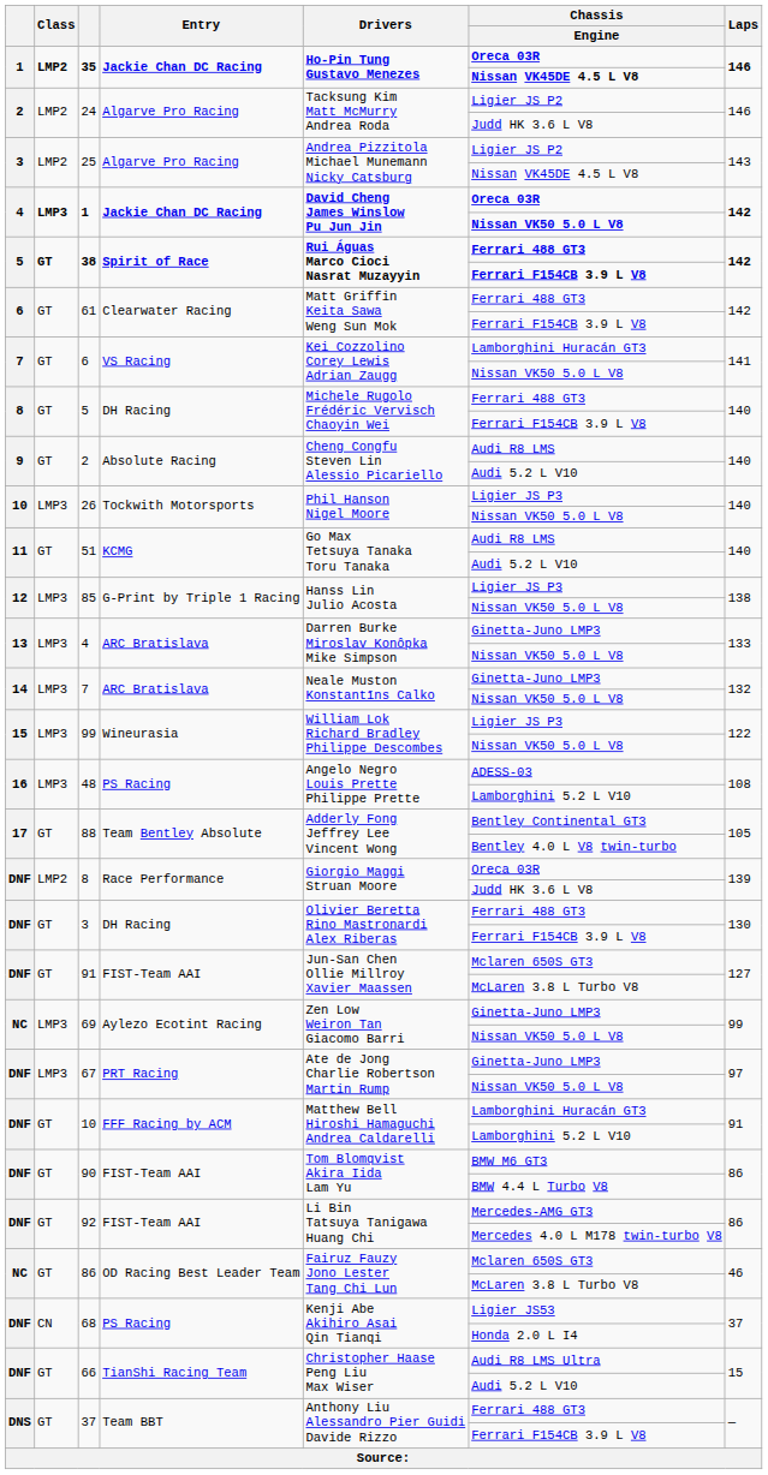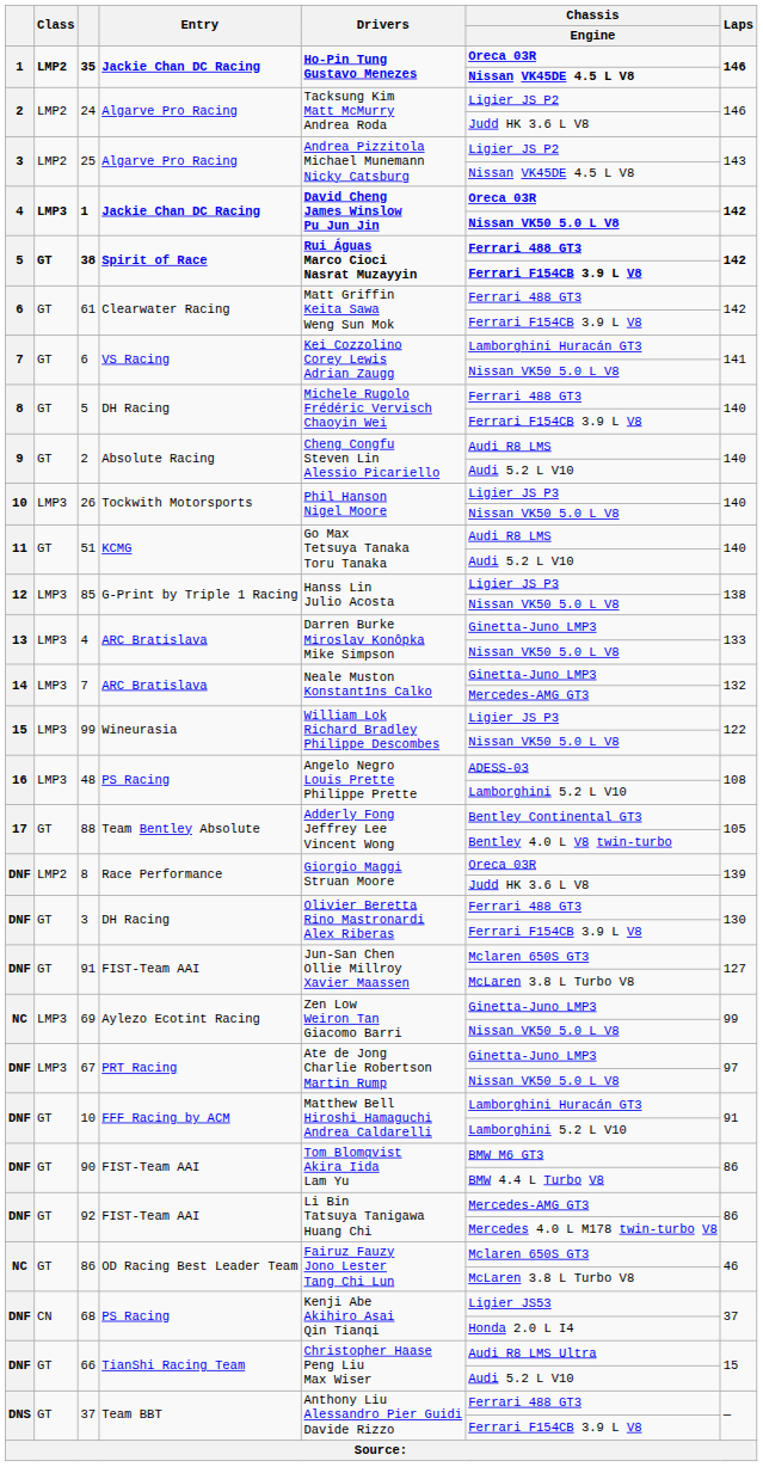 <table class="wikitable">
 <tr>
 <th rowspan="2"></th>
 <th rowspan="2">Class</th>
 <th rowspan="2"></th>
 <th rowspan="2">Entry</th>
 <th rowspan="2">Drivers</th>
 <th>Chassis</th>
 <th rowspan="2">Laps</th>
 </tr>
 <tr>
 <th>Engine</th>
 </tr>
 <tr>
 <th rowspan="2"><strong>1</strong></th>
 <td rowspan="2"><strong>LMP2</strong></td>
 <td rowspan="2"><strong>35</strong></td>
 <td rowspan="2"><strong> <a href='#'>Jackie Chan DC Racing</a></strong></td>
 <td rowspan="2"><strong> <a href='#'>Ho-Pin Tung</a></strong><br><strong> <a href='#'>Gustavo Menezes</a></strong></td>
 <td><strong><a href='#'>Oreca 03R</a></strong></td>
 <td rowspan="2"><strong>146</strong></td>
 </tr>
 <tr>
 <td><strong><a href='#'>Nissan</a> <a href='#'>VK45DE</a> 4.5 L V8</strong></td>
 </tr>
 <tr>
 <th rowspan="2">2</th>
 <td rowspan="2">LMP2</td>
 <td rowspan="2">24</td>
 <td rowspan="2"> <a href='#'>Algarve Pro Racing</a></td>
 <td rowspan="2"> Tacksung Kim<br> <a href='#'>Matt McMurry</a><br> Andrea Roda</td>
 <td><a href='#'>Ligier JS P2</a></td>
 <td rowspan="2">146</td>
 </tr>
 <tr>
 <td><a href='#'>Judd</a> HK 3.6 L V8</td>
 </tr>
 <tr>
 <th rowspan="2">3</th>
 <td rowspan="2">LMP2</td>
 <td rowspan="2">25</td>
 <td rowspan="2"> <a href='#'>Algarve Pro Racing</a></td>
 <td rowspan="2"> <a href='#'>Andrea Pizzitola</a><br> Michael Munemann<br> <a href='#'>Nicky Catsburg</a></td>
 <td><a href='#'>Ligier JS P2</a></td>
 <td rowspan="2">143</td>
 </tr>
 <tr>
 <td><a href='#'>Nissan</a> <a href='#'>VK45DE</a> 4.5 L V8</td>
 </tr>
 <tr>
 <th rowspan="2">4</th>
 <td rowspan="2"><strong>LMP3</strong></td>
 <td rowspan="2"><strong>1</strong></td>
 <td rowspan="2"><strong> <a href='#'>Jackie Chan DC Racing</a></strong></td>
 <td rowspan="2"><strong> <a href='#'>David Cheng</a></strong><br><strong> <a href='#'>James Winslow</a></strong><br><strong> <a href='#'>Pu Jun Jin</a></strong></td>
 <td><strong><a href='#'>Oreca 03R</a></strong></td>
 <td rowspan="2"><strong>142</strong></td>
 </tr>
 <tr>
 <td><a href='#'><strong>Nissan VK50 5.0 L V8</strong></a></td>
 </tr>
 <tr>
 <th rowspan="2">5</th>
 <td rowspan="2"><strong>GT</strong></td>
 <td rowspan="2"><strong>38</strong></td>
 <td rowspan="2"><strong> <a href='#'>Spirit of Race</a></strong></td>
 <td rowspan="2"><strong> <a href='#'>Rui Águas</a></strong><br><strong> Marco Cioci</strong><br><strong> Nasrat Muzayyin</strong></td>
 <td><a href='#'><strong>Ferrari 488 GT3</strong></a></td>
 <td rowspan="2"><strong>142</strong></td>
 </tr>
 <tr>
 <td><strong><a href='#'>Ferrari F154CB</a> 3.9 L <a href='#'>V8</a></strong></td>
 </tr>
 <tr>
 <th rowspan="2">6</th>
 <td rowspan="2">GT</td>
 <td rowspan="2">61</td>
 <td rowspan="2"> Clearwater Racing</td>
 <td rowspan="2"> Matt Griffin<br> <a href='#'>Keita Sawa</a><br> Weng Sun Mok</td>
 <td><a href='#'>Ferrari 488 GT3</a></td>
 <td rowspan="2">142</td>
 </tr>
 <tr>
 <td><a href='#'>Ferrari F154CB</a> 3.9 L <a href='#'>V8</a></td>
 </tr>
 <tr>
 <th rowspan="2">7</th>
 <td rowspan="2">GT</td>
 <td rowspan="2">6</td>
 <td rowspan="2"> <a href='#'>VS Racing</a></td>
 <td rowspan="2"> <a href='#'>Kei Cozzolino</a><br> <a href='#'>Corey Lewis</a><br> <a href='#'>Adrian Zaugg</a></td>
 <td><a href='#'>Lamborghini Huracán GT3</a></td>
 <td rowspan="2">141</td>
 </tr>
 <tr>
 <td><a href='#'>Nissan VK50 5.0 L V8</a></td>
 </tr>
 <tr>
 <th rowspan="2">8</th>
 <td rowspan="2">GT</td>
 <td rowspan="2">5</td>
 <td rowspan="2"> DH Racing</td>
 <td rowspan="2"> <a href='#'>Michele Rugolo</a><br> <a href='#'>Frédéric Vervisch</a><br> <a href='#'>Chaoyin Wei</a></td>
 <td><a href='#'>Ferrari 488 GT3</a></td>
 <td rowspan="2">140</td>
 </tr>
 <tr>
 <td><a href='#'>Ferrari F154CB</a> 3.9 L <a href='#'>V8</a></td>
 </tr>
 <tr>
 <th rowspan="2">9</th>
 <td rowspan="2">GT</td>
 <td rowspan="2">2</td>
 <td rowspan="2"> Absolute Racing</td>
 <td rowspan="2"> <a href='#'>Cheng Congfu</a><br> Steven Lin<br> <a href='#'>Alessio Picariello</a></td>
 <td><a href='#'>Audi R8 LMS</a></td>
 <td rowspan="2">140</td>
 </tr>
 <tr>
 <td><a href='#'>Audi</a> 5.2 L V10</td>
 </tr>
 <tr>
 <th rowspan="2">10</th>
 <td rowspan="2">LMP3</td>
 <td rowspan="2">26</td>
 <td rowspan="2"> Tockwith Motorsports</td>
 <td rowspan="2"> <a href='#'>Phil Hanson</a><br> <a href='#'>Nigel Moore</a></td>
 <td><a href='#'>Ligier JS P3</a></td>
 <td rowspan="2">140</td>
 </tr>
 <tr>
 <td><a href='#'>Nissan VK50 5.0 L V8</a></td>
 </tr>
 <tr>
 <th rowspan="2">11</th>
 <td rowspan="2">GT</td>
 <td rowspan="2">51</td>
 <td rowspan="2"> <a href='#'>KCMG</a></td>
 <td rowspan="2"> Go Max<br> Tetsuya Tanaka<br> Toru Tanaka</td>
 <td><a href='#'>Audi R8 LMS</a></td>
 <td rowspan="2">140</td>
 </tr>
 <tr>
 <td><a href='#'>Audi</a> 5.2 L V10</td>
 </tr>
 <tr>
 <th rowspan="2">12</th>
 <td rowspan="2">LMP3</td>
 <td rowspan="2">85</td>
 <td rowspan="2"> G-Print by Triple 1 Racing</td>
 <td rowspan="2"> Hanss Lin<br> Julio Acosta</td>
 <td><a href='#'>Ligier JS P3</a></td>
 <td rowspan="2">138</td>
 </tr>
 <tr>
 <td><a href='#'>Nissan VK50 5.0 L V8</a></td>
 </tr>
 <tr>
 <th rowspan="2">13</th>
 <td rowspan="2">LMP3</td>
 <td rowspan="2">4</td>
 <td rowspan="2"> <a href='#'>ARC Bratislava</a></td>
 <td rowspan="2"> Darren Burke<br> <a href='#'>Miroslav Konôpka</a><br> Mike Simpson</td>
 <td><a href='#'>Ginetta-Juno LMP3</a></td>
 <td rowspan="2">133</td>
 </tr>
 <tr>
 <td><a href='#'>Nissan VK50 5.0 L V8</a></td>
 </tr>
 <tr>
 <th rowspan="2">14</th>
 <td rowspan="2">LMP3</td>
 <td rowspan="2">7</td>
 <td rowspan="2"> <a href='#'>ARC Bratislava</a></td>
 <td rowspan="2"> Neale Muston<br> <a href='#'>Konstantīns Calko</a></td>
 <td><a href='#'>Ginetta-Juno LMP3</a></td>
 <td rowspan="2">132</td>
 </tr>
 <tr>
-<td><a href='#'>Nissan VK50 5.0 L V8</a></td>
+<td><a href='#'>Mercedes-AMG GT3</a></td>
 </tr>
 <tr>
 <th rowspan="2">15</th>
 <td rowspan="2">LMP3</td>
 <td rowspan="2">99</td>
 <td rowspan="2"> Wineurasia</td>
 <td rowspan="2"> <a href='#'>William Lok</a><br> <a href='#'>Richard Bradley</a><br> <a href='#'>Philippe Descombes</a></td>
 <td><a href='#'>Ligier JS P3</a></td>
 <td rowspan="2">122</td>
 </tr>
 <tr>
 <td><a href='#'>Nissan VK50 5.0 L V8</a></td>
 </tr>
 <tr>
 <th rowspan="2">16</th>
 <td rowspan="2">LMP3</td>
 <td rowspan="2">48</td>
 <td rowspan="2"> <a href='#'>PS Racing</a></td>
 <td rowspan="2"> Angelo Negro<br> <a href='#'>Louis Prette</a><br> Philippe Prette</td>
 <td><a href='#'>ADESS-03</a></td>
 <td rowspan="2">108</td>
 </tr>
 <tr>
 <td><a href='#'>Lamborghini</a> 5.2 L V10</td>
 </tr>
 <tr>
 <th rowspan="2">17</th>
 <td rowspan="2">GT</td>
 <td rowspan="2">88</td>
 <td rowspan="2"> Team <a href='#'>Bentley</a> Absolute</td>
 <td rowspan="2"> <a href='#'>Adderly Fong</a><br> Jeffrey Lee<br> Vincent Wong</td>
 <td><a href='#'>Bentley Continental GT3</a></td>
 <td rowspan="2">105</td>
 </tr>
 <tr>
 <td><a href='#'>Bentley</a> 4.0 L <a href='#'>V8</a> <a href='#'>twin-turbo</a></td>
 </tr>
 <tr>
 <th rowspan="2">DNF</th>
 <td rowspan="2">LMP2</td>
 <td rowspan="2">8</td>
 <td rowspan="2"> Race Performance</td>
 <td rowspan="2"> <a href='#'>Giorgio Maggi</a><br> Struan Moore</td>
 <td><a href='#'>Oreca 03R</a></td>
 <td rowspan="2">139</td>
 </tr>
 <tr>
 <td><a href='#'>Judd</a> HK 3.6 L V8</td>
 </tr>
 <tr>
 <th rowspan="2">DNF</th>
 <td rowspan="2">GT</td>
 <td rowspan="2">3</td>
 <td rowspan="2"> DH Racing</td>
 <td rowspan="2"> <a href='#'>Olivier Beretta</a><br> <a href='#'>Rino Mastronardi</a><br> <a href='#'>Alex Riberas</a></td>
 <td><a href='#'>Ferrari 488 GT3</a></td>
 <td rowspan="2">130</td>
 </tr>
 <tr>
 <td><a href='#'>Ferrari F154CB</a> 3.9 L <a href='#'>V8</a></td>
 </tr>
 <tr>
 <th rowspan="2">DNF</th>
 <td rowspan="2">GT</td>
 <td rowspan="2">91</td>
 <td rowspan="2"> FIST-Team AAI</td>
 <td rowspan="2"> Jun-San Chen<br> Ollie Millroy<br> <a href='#'>Xavier Maassen</a></td>
 <td><a href='#'>Mclaren 650S GT3</a></td>
 <td rowspan="2">127</td>
 </tr>
 <tr>
 <td><a href='#'>McLaren</a> 3.8 L Turbo V8</td>
 </tr>
 <tr>
 <th rowspan="2">NC</th>
 <td rowspan="2">LMP3</td>
 <td rowspan="2">69</td>
 <td rowspan="2"> Aylezo Ecotint Racing</td>
 <td rowspan="2"> Zen Low<br> <a href='#'>Weiron Tan</a><br> Giacomo Barri</td>
 <td><a href='#'>Ginetta-Juno LMP3</a></td>
 <td rowspan="2">99</td>
 </tr>
 <tr>
 <td><a href='#'>Nissan VK50 5.0 L V8</a></td>
 </tr>
 <tr>
 <th rowspan="2">DNF</th>
 <td rowspan="2">LMP3</td>
 <td rowspan="2">67</td>
 <td rowspan="2"> <a href='#'>PRT Racing</a></td>
 <td rowspan="2"> Ate de Jong<br> Charlie Robertson<br> <a href='#'>Martin Rump</a></td>
 <td><a href='#'>Ginetta-Juno LMP3</a></td>
 <td rowspan="2">97</td>
 </tr>
 <tr>
 <td><a href='#'>Nissan VK50 5.0 L V8</a></td>
 </tr>
 <tr>
 <th rowspan="2">DNF</th>
 <td rowspan="2">GT</td>
 <td rowspan="2">10</td>
 <td rowspan="2"> <a href='#'>FFF Racing by ACM</a></td>
 <td rowspan="2"> Matthew Bell<br> <a href='#'>Hiroshi Hamaguchi</a><br> <a href='#'>Andrea Caldarelli</a></td>
 <td><a href='#'>Lamborghini Huracán GT3</a></td>
 <td rowspan="2">91</td>
 </tr>
 <tr>
 <td><a href='#'>Lamborghini</a> 5.2 L V10</td>
 </tr>
 <tr>
 <th rowspan="2">DNF</th>
 <td rowspan="2">GT</td>
 <td rowspan="2">90</td>
 <td rowspan="2"> FIST-Team AAI</td>
 <td rowspan="2"> <a href='#'>Tom Blomqvist</a><br> <a href='#'>Akira Iida</a><br> Lam Yu</td>
 <td><a href='#'>BMW M6 GT3</a></td>
 <td rowspan="2">86</td>
 </tr>
 <tr>
 <td><a href='#'>BMW</a> 4.4 L <a href='#'>Turbo</a> <a href='#'>V8</a></td>
 </tr>
 <tr>
 <th rowspan="2">DNF</th>
 <td rowspan="2">GT</td>
 <td rowspan="2">92</td>
 <td rowspan="2"> FIST-Team AAI</td>
 <td rowspan="2"> Li Bin<br> Tatsuya Tanigawa<br> Huang Chi</td>
 <td><a href='#'>Mercedes-AMG GT3</a></td>
 <td rowspan="2">86</td>
 </tr>
 <tr>
 <td><a href='#'>Mercedes</a> 4.0 L M178 <a href='#'>twin-turbo</a> <a href='#'>V8</a></td>
 </tr>
 <tr>
 <th rowspan="2">NC</th>
 <td rowspan="2">GT</td>
 <td rowspan="2">86</td>
 <td rowspan="2"> OD Racing Best Leader Team</td>
 <td rowspan="2"> <a href='#'>Fairuz Fauzy</a><br> <a href='#'>Jono Lester</a><br> <a href='#'>Tang Chi Lun</a></td>
 <td><a href='#'>Mclaren 650S GT3</a></td>
 <td rowspan="2">46</td>
 </tr>
 <tr>
 <td><a href='#'>McLaren</a> 3.8 L Turbo V8</td>
 </tr>
 <tr>
 <th rowspan="2">DNF</th>
 <td rowspan="2">CN</td>
 <td rowspan="2">68</td>
 <td rowspan="2"> <a href='#'>PS Racing</a></td>
 <td rowspan="2"> Kenji Abe<br> <a href='#'>Akihiro Asai</a><br> Qin Tianqi</td>
 <td><a href='#'>Ligier JS53</a></td>
 <td rowspan="2">37</td>
 </tr>
 <tr>
 <td><a href='#'>Honda</a> 2.0 L I4</td>
 </tr>
 <tr>
 <th rowspan="2">DNF</th>
 <td rowspan="2">GT</td>
 <td rowspan="2">66</td>
 <td rowspan="2"> <a href='#'>TianShi Racing Team</a></td>
 <td rowspan="2"> <a href='#'>Christopher Haase</a><br> Peng Liu<br> Max Wiser</td>
 <td><a href='#'>Audi R8 LMS Ultra</a></td>
 <td rowspan="2">15</td>
 </tr>
 <tr>
 <td><a href='#'>Audi</a> 5.2 L V10</td>
 </tr>
 <tr>
 <th rowspan="2">DNS</th>
 <td rowspan="2">GT</td>
 <td rowspan="2">37</td>
 <td rowspan="2"> Team BBT</td>
 <td rowspan="2"> Anthony Liu<br> <a href='#'>Alessandro Pier Guidi</a><br> Davide Rizzo</td>
 <td><a href='#'>Ferrari 488 GT3</a></td>
 <td rowspan="2">—</td>
 </tr>
 <tr>
 <td><a href='#'>Ferrari F154CB</a> 3.9 L <a href='#'>V8</a></td>
 </tr>
 <tr>
 <th colspan="7">Source:</th>
 </tr>
 </table>
